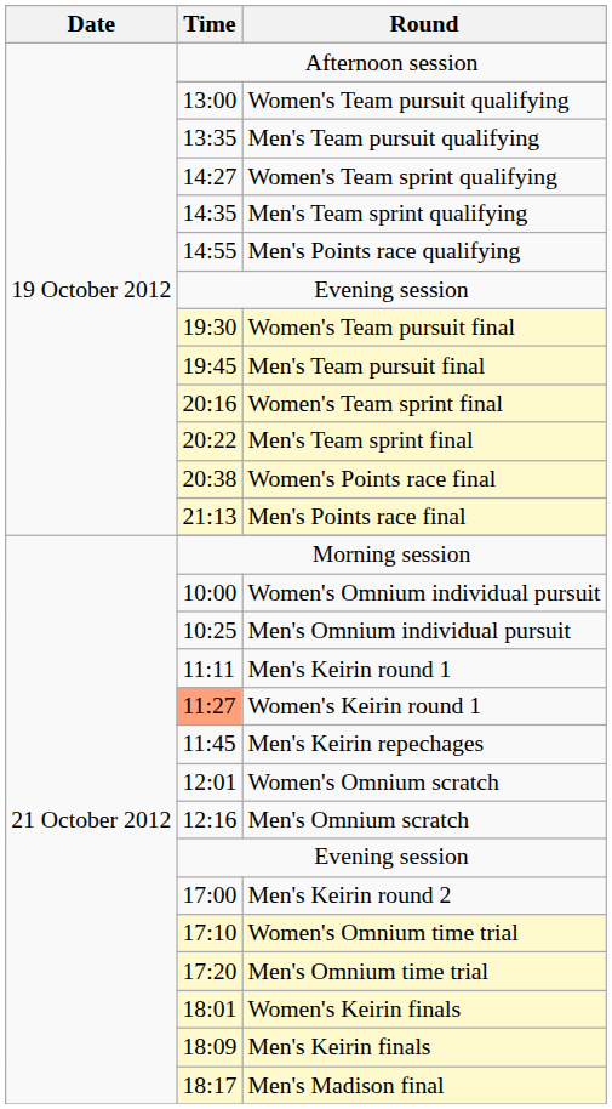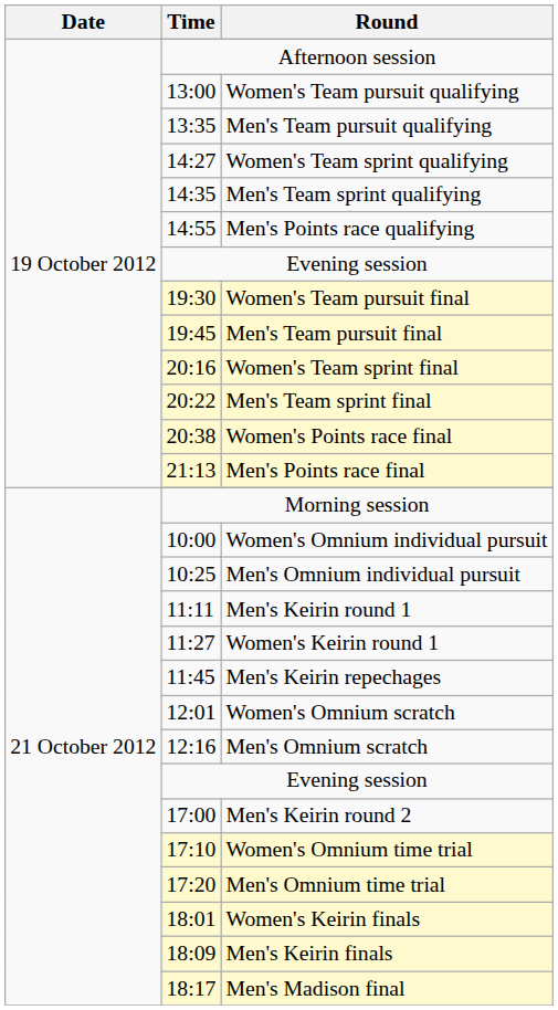 <table class="wikitable">
 <tr>
 <th>Date</th>
 <th>Time</th>
 <th>Round</th>
 </tr>
 <tr>
 <td rowspan=14>19 October 2012</td>
 </tr>
 <tr>
 <td colspan=2 align=center>Afternoon session</td>
 </tr>
 <tr>
 <td>13:00</td>
 <td>Women's Team pursuit qualifying</td>
 </tr>
 <tr>
 <td>13:35</td>
 <td>Men's Team pursuit qualifying</td>
 </tr>
 <tr>
 <td>14:27</td>
 <td>Women's Team sprint qualifying</td>
 </tr>
 <tr>
 <td>14:35</td>
 <td>Men's Team sprint qualifying</td>
 </tr>
 <tr>
 <td>14:55</td>
 <td>Men's Points race qualifying</td>
 </tr>
 <tr>
 <td colspan=2 align=center>Evening session</td>
 </tr>
 <tr style=background:lemonchiffon>
 <td>19:30</td>
 <td>Women's Team pursuit final</td>
 </tr>
 <tr style=background:lemonchiffon>
 <td>19:45</td>
 <td>Men's Team pursuit final</td>
 </tr>
 <tr style=background:lemonchiffon>
 <td>20:16</td>
 <td>Women's Team sprint final</td>
 </tr>
 <tr style=background:lemonchiffon>
 <td>20:22</td>
 <td>Men's Team sprint final</td>
 </tr>
 <tr style=background:lemonchiffon>
 <td>20:38</td>
 <td>Women's Points race final</td>
 </tr>
 <tr style=background:lemonchiffon>
 <td>21:13</td>
 <td>Men's Points race final</td>
 </tr>
 <tr>
 <td rowspan=16>21 October 2012</td>
 </tr>
 <tr>
 <td colspan=2 align=center>Morning session</td>
 </tr>
 <tr>
 <td>10:00</td>
 <td>Women's Omnium individual pursuit</td>
 </tr>
 <tr>
 <td>10:25</td>
 <td>Men's Omnium individual pursuit</td>
 </tr>
 <tr>
 <td>11:11</td>
 <td>Men's Keirin round 1</td>
 </tr>
 <tr>
-<td style="background: lightsalmon;">11:27</td>
+<td>11:27</td>
 <td>Women's Keirin round 1</td>
 </tr>
 <tr>
 <td>11:45</td>
 <td>Men's Keirin repechages</td>
 </tr>
 <tr>
 <td>12:01</td>
 <td>Women's Omnium scratch</td>
 </tr>
 <tr>
 <td>12:16</td>
 <td>Men's Omnium scratch</td>
 </tr>
 <tr>
 <td colspan=2 align=center>Evening session</td>
 </tr>
 <tr>
 <td>17:00</td>
 <td>Men's Keirin round 2</td>
 </tr>
 <tr style=background:lemonchiffon>
 <td>17:10</td>
 <td>Women's Omnium time trial</td>
 </tr>
 <tr style=background:lemonchiffon>
 <td>17:20</td>
 <td>Men's Omnium time trial</td>
 </tr>
 <tr style=background:lemonchiffon>
 <td>18:01</td>
 <td>Women's Keirin finals</td>
 </tr>
 <tr style=background:lemonchiffon>
 <td>18:09</td>
 <td>Men's Keirin finals</td>
 </tr>
 <tr style=background:lemonchiffon>
 <td>18:17</td>
 <td>Men's Madison final</td>
 </tr>
 </table>
